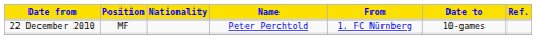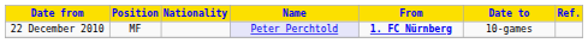 <table class="wikitable" style="text-align:center; font-size:90%; ">
 <tr>
 <th style="background:#FCE000; color:blue; width:120px;">Date from</th>
 <th style="background:#FCE000; color:blue; width:55px;">Position</th>
 <th style="background:#FCE000; color:blue; width:55px;">Nationality</th>
 <th style="background:#FCE000; color:blue; width:150px;">Name</th>
 <th style="background:#FCE000; color:blue; width:120px;">From</th>
 <th style="background:#FCE000; color:blue; width:105px;">Date to</th>
 <th style="background:#FCE000; color:blue; width:25px;">Ref.</th>
 </tr>
 <tr>
 <td>22 December 2010</td>
 <td>MF</td>
 <td></td>
-<td><a href='#'>Peter Perchtold</a></td>
-<td><a href='#'>1. FC Nürnberg</a></td>
+<td style="background: lavender;"><a href='#'>Peter Perchtold</a></td>
+<td><strong><a href='#'>1. FC Nürnberg</a></strong></td>
 <td>10-games</td>
 <td></td>
 </tr>
 <tr>
 </tr>
 </table>
